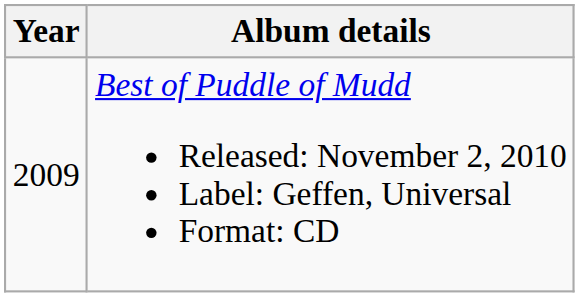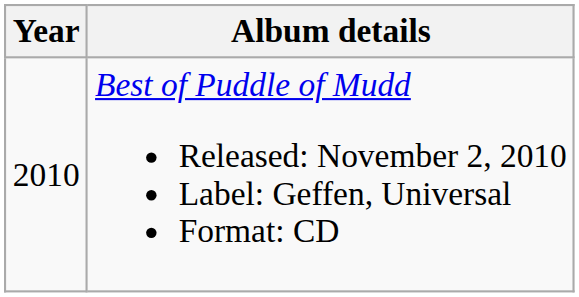 <table class="wikitable" "text-align:center;">
 <tr>
 <th>Year</th>
 <th>Album details</th>
 </tr>
 <tr>
-<td>2009</td>
+<td>2010</td>
 <td><em><a href='#'>Best of Puddle of Mudd</a></em><br><ul><li>Released: November 2, 2010</li><li>Label: Geffen, Universal</li><li>Format: CD</li></ul></td>
 </tr>
 </table>
